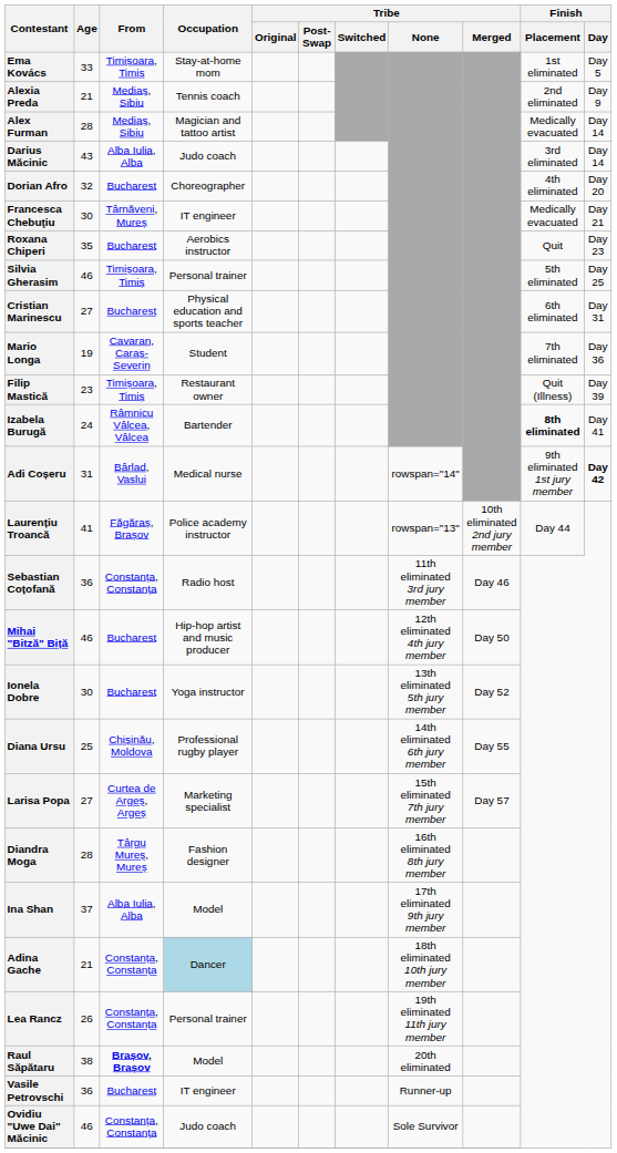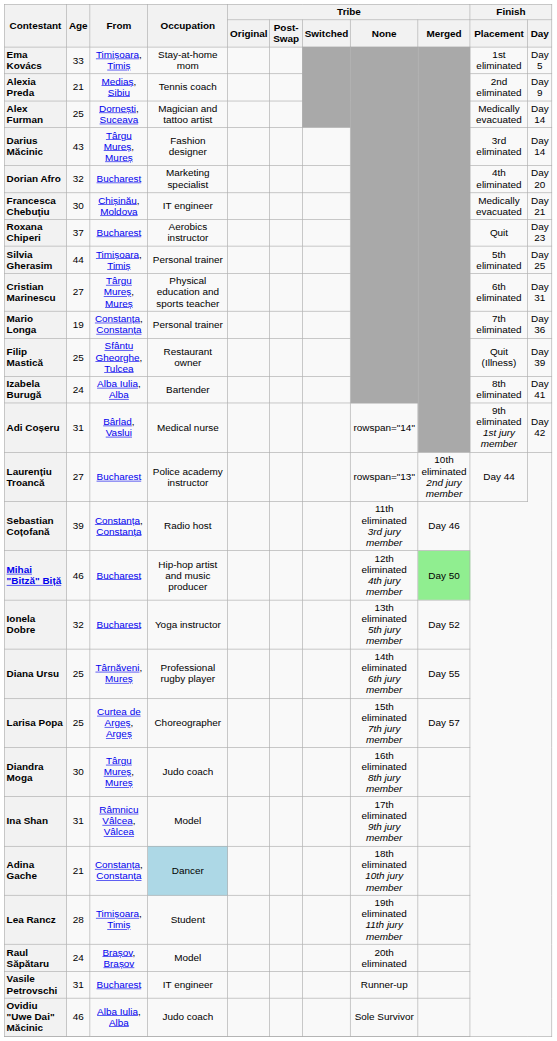 <table class="wikitable sortable" style="margin:auto; text-align:center">
 <tr>
 <th rowspan="2" scope="col">Contestant</th>
 <th rowspan="2" scope="col">Age</th>
 <th rowspan="2" scope="col">From</th>
 <th rowspan="2" scope="col">Occupation</th>
 <th colspan="5" scope="colgroup">Tribe</th>
 <th colspan="2" scope="colgroup">Finish</th>
 </tr>
 <tr>
 <th scope="col">Original</th>
 <th scope="col">Post-Swap</th>
 <th scope="col">Switched</th>
 <th scope="col">None</th>
 <th scope="col">Merged</th>
 <th scope="col" class=unsortable>Placement</th>
 <th scope="col" class=unsortable>Day</th>
 </tr>
 <tr>
 <th style="text-align:left"><strong>Ema Kovács</strong></th>
 <td>33</td>
 <td><a href='#'>Timișoara</a>, <a href='#'>Timiș</a></td>
 <td>Stay-at-home mom</td>
 <td></td>
 <td></td>
 <td rowspan="3" bgcolor="darkgray"></td>
 <td rowspan="12" bgcolor="darkgray"></td>
 <td rowspan="13" bgcolor="darkgray"></td>
 <td>1st eliminated</td>
 <td>Day 5</td>
 </tr>
 <tr>
 <th style="text-align:left"><strong>Alexia Preda</strong></th>
 <td>21</td>
 <td><a href='#'>Mediaș</a>, <a href='#'>Sibiu</a></td>
 <td>Tennis coach</td>
 <td></td>
 <td></td>
 <td>2nd eliminated</td>
 <td>Day 9</td>
 </tr>
 <tr>
 <th style="text-align:left"><strong>Alex Furman</strong></th>
-<td>28</td>
-<td><a href='#'>Mediaș</a>, <a href='#'>Sibiu</a></td>
+<td>25</td>
+<td><a href='#'>Dornești</a>, <a href='#'>Suceava</a></td>
 <td>Magician and tattoo artist</td>
 <td></td>
 <td></td>
 <td>Medically evacuated</td>
 <td>Day 14</td>
 </tr>
 <tr>
 <th style="text-align:left"><strong>Darius Măcinic</strong></th>
 <td>43</td>
-<td><a href='#'>Alba Iulia</a>, <a href='#'>Alba</a></td>
-<td>Judo coach</td>
+<td><a href='#'>Târgu Mureș</a>, <a href='#'>Mureș</a></td>
+<td>Fashion designer</td>
 <td></td>
 <td></td>
 <td></td>
 <td>3rd eliminated</td>
 <td>Day 14</td>
 </tr>
 <tr>
 <th style="text-align:left"><strong>Dorian Afro</strong></th>
 <td>32</td>
 <td><a href='#'>Bucharest</a></td>
-<td>Choreographer</td>
+<td>Marketing specialist</td>
 <td></td>
 <td></td>
 <td></td>
 <td>4th eliminated</td>
 <td>Day 20</td>
 </tr>
 <tr>
 <th style="text-align:left"><strong>Francesca Chebuţiu</strong></th>
 <td>30</td>
-<td><a href='#'>Târnăveni</a>, <a href='#'>Mureș</a></td>
+<td><a href='#'>Chișinău</a>, <a href='#'>Moldova</a></td>
 <td>IT engineer</td>
 <td></td>
 <td></td>
 <td></td>
 <td>Medically evacuated</td>
 <td>Day 21</td>
 </tr>
 <tr>
 <th style="text-align:left"><strong>Roxana Chiperi</strong></th>
-<td>35</td>
+<td>37</td>
 <td><a href='#'>Bucharest</a></td>
 <td>Aerobics instructor</td>
 <td></td>
 <td></td>
 <td></td>
 <td>Quit</td>
 <td>Day 23</td>
 </tr>
 <tr>
 <th style="text-align:left"><strong>Silvia Gherasim</strong></th>
-<td>46</td>
+<td>44</td>
 <td><a href='#'>Timișoara</a>, <a href='#'>Timiș</a></td>
 <td>Personal trainer</td>
 <td></td>
 <td></td>
 <td></td>
 <td>5th eliminated</td>
 <td>Day 25</td>
 </tr>
 <tr>
 <th style="text-align:left"><strong>Cristian Marinescu</strong></th>
 <td>27</td>
-<td><a href='#'>Bucharest</a></td>
+<td><a href='#'>Târgu Mureș</a>, <a href='#'>Mureș</a></td>
 <td>Physical education and sports teacher</td>
 <td></td>
 <td></td>
 <td></td>
 <td>6th eliminated</td>
 <td>Day 31</td>
 </tr>
 <tr>
 <th style="text-align:left"><strong>Mario Longa</strong></th>
 <td>19</td>
-<td><a href='#'>Cavaran</a>, <a href='#'>Caraș-Severin</a></td>
-<td>Student</td>
+<td><a href='#'>Constanța</a>, <a href='#'>Constanța</a></td>
+<td>Personal trainer</td>
 <td></td>
 <td></td>
 <td></td>
 <td>7th eliminated</td>
 <td>Day 36</td>
 </tr>
 <tr>
 <th style="text-align:left"><strong>Filip Mastică</strong></th>
-<td>23</td>
-<td><a href='#'>Timișoara</a>, <a href='#'>Timiș</a></td>
+<td>25</td>
+<td><a href='#'>Sfântu Gheorghe</a>, <a href='#'>Tulcea</a></td>
 <td>Restaurant owner</td>
 <td></td>
 <td></td>
 <td></td>
 <td>Quit (Illness)</td>
 <td>Day 39</td>
 </tr>
 <tr>
 <th style="text-align:left"><strong>Izabela Burugă</strong></th>
 <td>24</td>
-<td><a href='#'>Râmnicu Vâlcea</a>, <a href='#'>Vâlcea</a></td>
+<td><a href='#'>Alba Iulia</a>, <a href='#'>Alba</a></td>
 <td>Bartender</td>
 <td></td>
 <td></td>
 <td></td>
-<td><strong>8th eliminated</strong></td>
+<td>8th eliminated</td>
 <td>Day 41</td>
 </tr>
 <tr>
 <th style="text-align:left"><strong>Adi Coșeru</strong></th>
 <td>31</td>
 <td><a href='#'>Bârlad</a>, <a href='#'>Vaslui</a></td>
 <td>Medical nurse</td>
 <td></td>
 <td></td>
 <td></td>
 <td>rowspan="14" </td>
 <td>9th eliminated<br> <em>1st jury member</em></td>
-<td><strong>Day 42</strong></td>
+<td>Day 42</td>
 </tr>
 <tr>
 <th style="text-align:left"><strong>Laurențiu Troancă</strong></th>
-<td>41</td>
-<td><a href='#'>Făgăraș</a>, <a href='#'>Brașov</a></td>
+<td>27</td>
+<td><a href='#'>Bucharest</a></td>
 <td>Police academy instructor</td>
 <td></td>
 <td></td>
 <td></td>
 <td>rowspan="13" </td>
 <td>10th eliminated<br> <em>2nd jury member</em></td>
 <td>Day 44</td>
 </tr>
 <tr>
 <th style="text-align:left"><strong>Sebastian Coțofană</strong></th>
-<td>36</td>
+<td>39</td>
 <td><a href='#'>Constanța</a>, <a href='#'>Constanța</a></td>
 <td>Radio host</td>
 <td></td>
 <td></td>
 <td></td>
 <td>11th eliminated<br> <em>3rd jury member</em></td>
 <td>Day 46</td>
 </tr>
 <tr>
 <th style="text-align:left"><strong><a href='#'>Mihai "Bitză" Biță</a></strong></th>
 <td>46</td>
 <td><a href='#'>Bucharest</a></td>
 <td>Hip-hop artist and music producer</td>
 <td></td>
 <td></td>
 <td></td>
 <td>12th eliminated<br> <em>4th jury member</em></td>
-<td>Day 50</td>
+<td style="background: lightgreen;">Day 50</td>
 </tr>
 <tr>
 <th style="text-align:left"><strong>Ionela Dobre</strong></th>
-<td>30</td>
+<td>32</td>
 <td><a href='#'>Bucharest</a></td>
 <td>Yoga instructor</td>
 <td></td>
 <td></td>
 <td></td>
 <td>13th eliminated<br> <em>5th jury member</em></td>
 <td>Day 52</td>
 </tr>
 <tr>
 <th style="text-align:left"><strong>Diana Ursu</strong></th>
 <td>25</td>
-<td><a href='#'>Chișinău</a>, <a href='#'>Moldova</a></td>
+<td><a href='#'>Târnăveni</a>, <a href='#'>Mureș</a></td>
 <td>Professional rugby player</td>
 <td></td>
 <td></td>
 <td></td>
 <td>14th eliminated<br> <em>6th jury member</em></td>
 <td>Day 55</td>
 </tr>
 <tr>
 <th style="text-align:left"><strong>Larisa Popa</strong></th>
-<td>27</td>
+<td>25</td>
 <td><a href='#'>Curtea de Argeș</a>, <a href='#'>Argeș</a></td>
-<td>Marketing specialist</td>
+<td>Choreographer</td>
 <td></td>
 <td></td>
 <td></td>
 <td>15th eliminated<br> <em>7th jury member</em></td>
 <td>Day 57</td>
 </tr>
 <tr>
 <th style="text-align:left"><strong>Diandra Moga</strong></th>
-<td>28</td>
+<td>30</td>
 <td><a href='#'>Târgu Mureș</a>, <a href='#'>Mureș</a></td>
-<td>Fashion designer</td>
+<td>Judo coach</td>
 <td></td>
 <td></td>
 <td></td>
 <td>16th eliminated<br> <em>8th jury member</em></td>
 <td></td>
 </tr>
 <tr>
 <th style="text-align:left"><strong>Ina Shan</strong></th>
-<td>37</td>
-<td><a href='#'>Alba Iulia</a>, <a href='#'>Alba</a></td>
+<td>31</td>
+<td><a href='#'>Râmnicu Vâlcea</a>, <a href='#'>Vâlcea</a></td>
 <td>Model</td>
 <td></td>
 <td></td>
 <td></td>
 <td>17th eliminated<br> <em>9th jury member</em></td>
 <td></td>
 </tr>
 <tr>
 <th style="text-align:left"><strong>Adina Gache</strong></th>
 <td>21</td>
 <td><a href='#'>Constanța</a>, <a href='#'>Constanța</a></td>
 <td style="background: lightblue;">Dancer</td>
 <td></td>
 <td></td>
 <td></td>
 <td>18th eliminated<br> <em>10th jury member</em></td>
 <td></td>
 </tr>
 <tr>
 <th style="text-align:left"><strong>Lea Rancz</strong></th>
-<td>26</td>
-<td><a href='#'>Constanța</a>, <a href='#'>Constanța</a></td>
-<td>Personal trainer</td>
+<td>28</td>
+<td><a href='#'>Timișoara</a>, <a href='#'>Timiș</a></td>
+<td>Student</td>
 <td></td>
 <td></td>
 <td></td>
 <td>19th eliminated<br> <em>11th jury member</em></td>
 <td></td>
 </tr>
 <tr>
 <th style="text-align:left"><strong>Raul Săpătaru</strong></th>
-<td>38</td>
-<td><strong><a href='#'>Brașov</a>, <a href='#'>Brașov</a></strong></td>
+<td>24</td>
+<td><a href='#'>Brașov</a>, <a href='#'>Brașov</a></td>
 <td>Model</td>
 <td></td>
 <td></td>
 <td></td>
 <td>20th eliminated</td>
 <td></td>
 </tr>
 <tr>
 <th style="text-align:left"><strong>Vasile Petrovschi</strong></th>
-<td>36</td>
+<td>31</td>
 <td><a href='#'>Bucharest</a></td>
 <td>IT engineer</td>
 <td></td>
 <td></td>
 <td></td>
 <td>Runner-up</td>
 <td></td>
 </tr>
 <tr>
 <th style="text-align:left"><strong>Ovidiu "Uwe Dai" Măcinic</strong></th>
 <td>46</td>
-<td><a href='#'>Constanța</a>, <a href='#'>Constanța</a></td>
+<td><a href='#'>Alba Iulia</a>, <a href='#'>Alba</a></td>
 <td>Judo coach</td>
 <td></td>
 <td></td>
 <td></td>
 <td>Sole Survivor</td>
 <td></td>
 </tr>
 <tr>
 </tr>
 </table>
